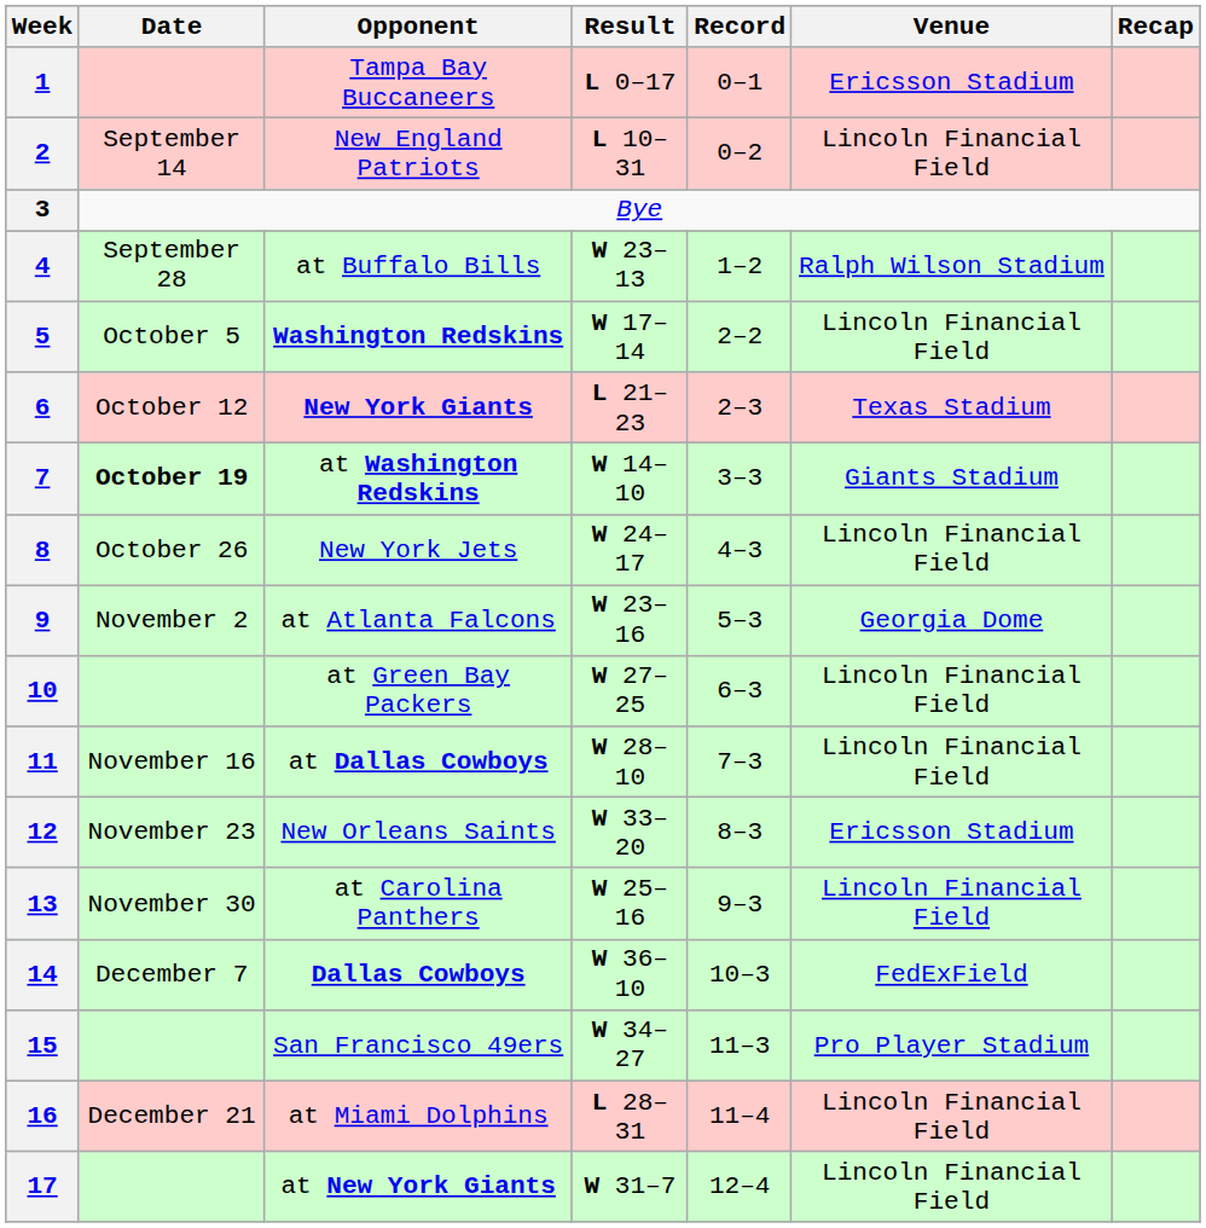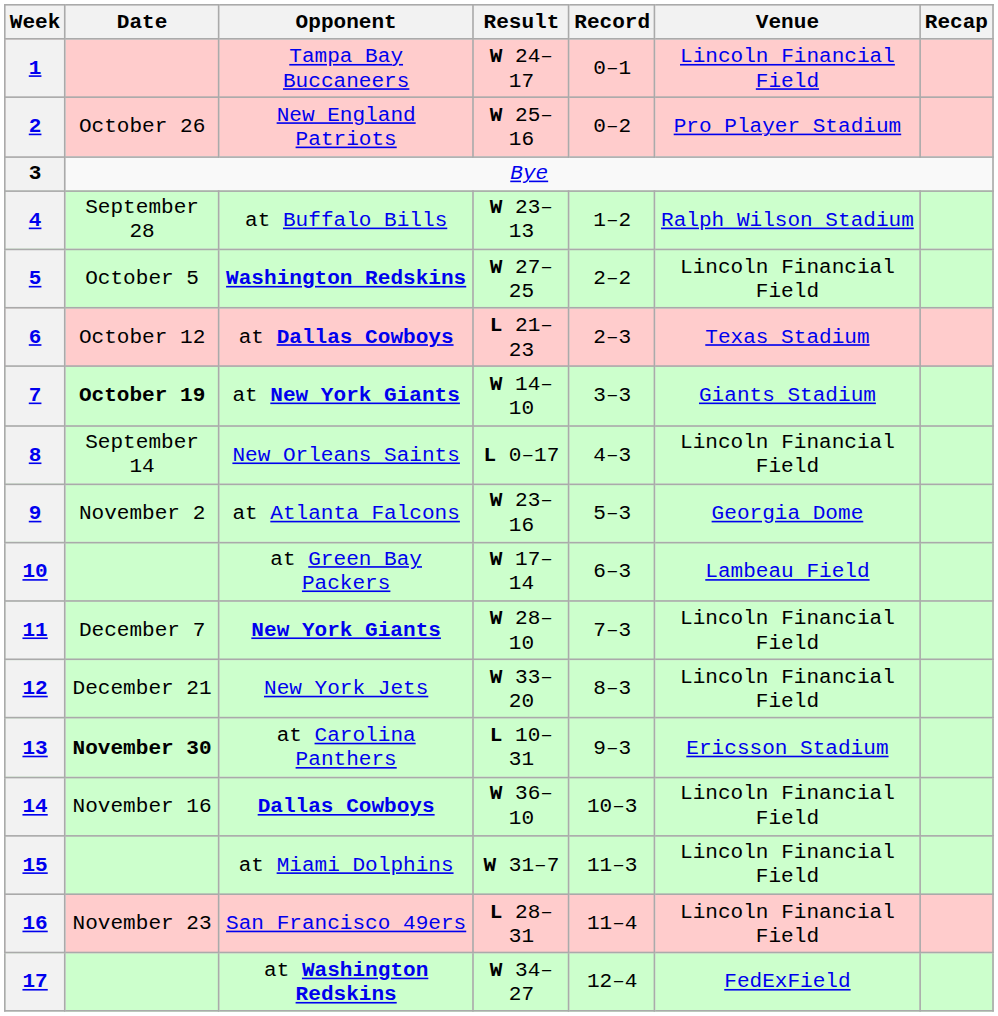 <table class="wikitable" style="text-align:center">
 <tr>
 <th>Week</th>
 <th>Date</th>
 <th>Opponent</th>
 <th>Result</th>
 <th>Record</th>
 <th>Venue</th>
 <th>Recap</th>
 </tr>
 <tr style="background:#fcc">
 <th><a href='#'>1</a></th>
 <td></td>
 <td><a href='#'>Tampa Bay Buccaneers</a></td>
-<td><strong>L</strong> 0–17</td>
+<td><strong>W</strong> 24–17</td>
 <td>0–1</td>
-<td><a href='#'>Ericsson Stadium</a></td>
+<td><a href='#'>Lincoln Financial Field</a></td>
 <td></td>
 </tr>
 <tr style="background:#fcc">
 <th><a href='#'>2</a></th>
-<td>September 14</td>
+<td>October 26</td>
 <td><a href='#'>New England Patriots</a></td>
-<td><strong>L</strong> 10–31</td>
+<td><strong>W</strong> 25–16</td>
 <td>0–2</td>
-<td>Lincoln Financial Field</td>
+<td><a href='#'>Pro Player Stadium</a></td>
 <td></td>
 </tr>
 <tr>
 <th>3</th>
 <td colspan="6"><em><a href='#'>Bye</a></em></td>
 </tr>
 <tr style="background:#cfc">
 <th><a href='#'>4</a></th>
 <td>September 28</td>
 <td>at <a href='#'>Buffalo Bills</a></td>
 <td><strong>W</strong> 23–13</td>
 <td>1–2</td>
 <td><a href='#'>Ralph Wilson Stadium</a></td>
 <td></td>
 </tr>
 <tr style="background:#cfc">
 <th><a href='#'>5</a></th>
 <td>October 5</td>
 <td><strong><a href='#'>Washington Redskins</a></strong></td>
-<td><strong>W</strong> 17–14</td>
+<td><strong>W</strong> 27–25</td>
 <td>2–2</td>
 <td>Lincoln Financial Field</td>
 <td></td>
 </tr>
 <tr style="background:#fcc">
 <th><a href='#'>6</a></th>
 <td>October 12</td>
-<td><strong><a href='#'>New York Giants</a></strong></td>
+<td>at <strong><a href='#'>Dallas Cowboys</a></strong></td>
 <td><strong>L</strong> 21–23</td>
 <td>2–3</td>
 <td><a href='#'>Texas Stadium</a></td>
 <td></td>
 </tr>
 <tr style="background:#cfc">
 <th><a href='#'>7</a></th>
 <td><strong>October 19</strong></td>
-<td>at <strong><a href='#'>Washington Redskins</a></strong></td>
+<td>at <strong><a href='#'>New York Giants</a></strong></td>
 <td><strong>W</strong> 14–10</td>
 <td>3–3</td>
 <td><a href='#'>Giants Stadium</a></td>
 <td></td>
 </tr>
 <tr style="background:#cfc">
 <th><a href='#'>8</a></th>
-<td>October 26</td>
-<td><a href='#'>New York Jets</a></td>
-<td><strong>W</strong> 24–17</td>
+<td>September 14</td>
+<td><a href='#'>New Orleans Saints</a></td>
+<td><strong>L</strong> 0–17</td>
 <td>4–3</td>
 <td>Lincoln Financial Field</td>
 <td></td>
 </tr>
 <tr style="background:#cfc">
 <th><a href='#'>9</a></th>
 <td>November 2</td>
 <td>at <a href='#'>Atlanta Falcons</a></td>
 <td><strong>W</strong> 23–16</td>
 <td>5–3</td>
 <td><a href='#'>Georgia Dome</a></td>
 <td></td>
 </tr>
 <tr style="background:#cfc">
 <th><a href='#'>10</a></th>
 <td></td>
 <td>at <a href='#'>Green Bay Packers</a></td>
-<td><strong>W</strong> 27–25</td>
+<td><strong>W</strong> 17–14</td>
 <td>6–3</td>
-<td>Lincoln Financial Field</td>
+<td><a href='#'>Lambeau Field</a></td>
 <td></td>
 </tr>
 <tr style="background:#cfc">
 <th><a href='#'>11</a></th>
-<td>November 16</td>
-<td>at <strong><a href='#'>Dallas Cowboys</a></strong></td>
+<td>December 7</td>
+<td><strong><a href='#'>New York Giants</a></strong></td>
 <td><strong>W</strong> 28–10</td>
 <td>7–3</td>
 <td>Lincoln Financial Field</td>
 <td></td>
 </tr>
 <tr style="background:#cfc">
 <th><a href='#'>12</a></th>
-<td>November 23</td>
-<td><a href='#'>New Orleans Saints</a></td>
+<td>December 21</td>
+<td><a href='#'>New York Jets</a></td>
 <td><strong>W</strong> 33–20</td>
 <td>8–3</td>
+<td>Lincoln Financial Field</td>
+<td></td>
+</tr>
+<tr style="background:#cfc">
+<th><a href='#'>13</a></th>
+<td><strong>November 30</strong></td>
+<td>at <a href='#'>Carolina Panthers</a></td>
+<td><strong>L</strong> 10–31</td>
+<td>9–3</td>
 <td><a href='#'>Ericsson Stadium</a></td>
 <td></td>
 </tr>
 <tr style="background:#cfc">
-<th><a href='#'>13</a></th>
-<td>November 30</td>
-<td>at <a href='#'>Carolina Panthers</a></td>
-<td><strong>W</strong> 25–16</td>
-<td>9–3</td>
-<td><a href='#'>Lincoln Financial Field</a></td>
-<td></td>
-</tr>
-<tr style="background:#cfc">
 <th><a href='#'>14</a></th>
-<td>December 7</td>
+<td>November 16</td>
 <td><strong><a href='#'>Dallas Cowboys</a></strong></td>
 <td><strong>W</strong> 36–10</td>
 <td>10–3</td>
-<td><a href='#'>FedExField</a></td>
+<td>Lincoln Financial Field</td>
 <td></td>
 </tr>
 <tr style="background:#cfc">
 <th><a href='#'>15</a></th>
 <td></td>
-<td><a href='#'>San Francisco 49ers</a></td>
-<td><strong>W</strong> 34–27</td>
+<td>at <a href='#'>Miami Dolphins</a></td>
+<td><strong>W</strong> 31–7</td>
 <td>11–3</td>
-<td><a href='#'>Pro Player Stadium</a></td>
+<td>Lincoln Financial Field</td>
 <td></td>
 </tr>
 <tr style="background:#fcc">
 <th><a href='#'>16</a></th>
-<td>December 21</td>
-<td>at <a href='#'>Miami Dolphins</a></td>
+<td>November 23</td>
+<td><a href='#'>San Francisco 49ers</a></td>
 <td><strong>L</strong> 28–31 </td>
 <td>11–4</td>
 <td>Lincoln Financial Field</td>
 <td></td>
 </tr>
 <tr style="background:#cfc">
 <th><a href='#'>17</a></th>
 <td></td>
-<td>at <strong><a href='#'>New York Giants</a></strong></td>
-<td><strong>W</strong> 31–7</td>
+<td>at <strong><a href='#'>Washington Redskins</a></strong></td>
+<td><strong>W</strong> 34–27</td>
 <td>12–4</td>
-<td>Lincoln Financial Field</td>
+<td><a href='#'>FedExField</a></td>
 <td></td>
 </tr>
 </table>
